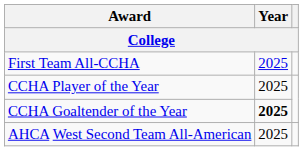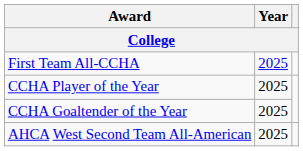 <table class="wikitable">
 <tr>
 <th>Award</th>
 <th>Year</th>
 <th></th>
 </tr>
 <tr>
 <th colspan="3"><a href='#'>College</a></th>
 </tr>
 <tr>
 <td><a href='#'>First Team All-CCHA</a></td>
 <td><a href='#'>2025</a></td>
 <td></td>
 </tr>
 <tr>
 <td><a href='#'>CCHA Player of the Year</a></td>
 <td>2025</td>
 <td rowspan="2"></td>
 </tr>
 <tr>
 <td><a href='#'>CCHA Goaltender of the Year</a></td>
-<td><strong>2025</strong></td>
+<td>2025</td>
 </tr>
 <tr>
 <td><a href='#'>AHCA</a> <a href='#'>West Second Team All-American</a></td>
 <td>2025</td>
 <td></td>
 </tr>
 </table>
